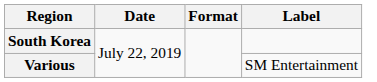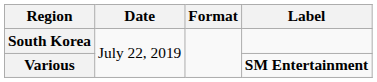 <table class="wikitable plainrowheaders">
 <tr>
 <th>Region</th>
 <th>Date</th>
 <th>Format</th>
 <th>Label</th>
 </tr>
 <tr>
 <th scope="row">South Korea</th>
 <td rowspan="2">July 22, 2019</td>
 <td rowspan="2"></td>
 <td></td>
 </tr>
 <tr>
 <th scope="row">Various</th>
-<td>SM Entertainment</td>
+<td><strong>SM Entertainment</strong></td>
 </tr>
 </table>
